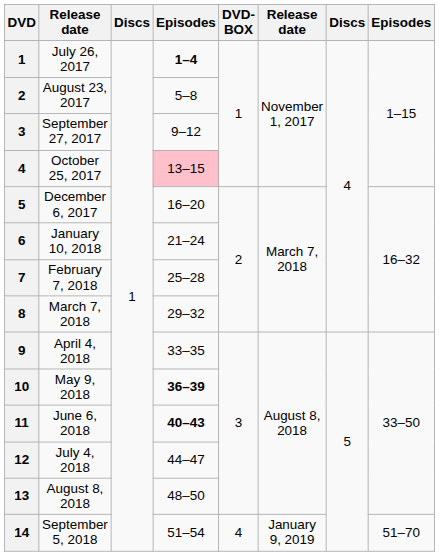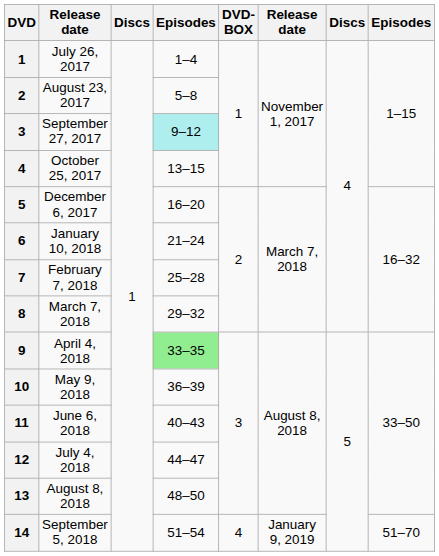 <table class="wikitable" style="text-align: center; width: 39%;">
 <tr>
 <th scope="col" 175px;>DVD</th>
 <th scope="col" 125px;>Release date</th>
 <th scope="col">Discs</th>
 <th scope="col">Episodes</th>
 <th scope="col">DVD-BOX</th>
 <th scope="col">Release date</th>
 <th scope="col">Discs</th>
 <th scope="col">Episodes</th>
 </tr>
 <tr>
 <th scope="row">1</th>
 <td>July 26, 2017</td>
 <td rowspan="48">1</td>
-<td><strong>1–4</strong></td>
+<td>1–4</td>
 <td rowspan="4">1</td>
 <td rowspan="4">November 1, 2017</td>
 <td rowspan="8">4</td>
 <td rowspan="4">1–15</td>
 </tr>
 <tr>
 <th scope="row">2</th>
 <td>August 23, 2017</td>
 <td>5–8</td>
 </tr>
 <tr>
 <th scope="row">3</th>
 <td>September 27, 2017</td>
-<td>9–12</td>
+<td style="background: paleturquoise;">9–12</td>
 </tr>
 <tr>
 <th scope="row">4</th>
 <td>October 25, 2017</td>
-<td style="background: pink;">13–15</td>
+<td>13–15</td>
 </tr>
 <tr>
 <th scope="row">5</th>
 <td>December 6, 2017</td>
 <td>16–20</td>
 <td rowspan="4">2</td>
 <td rowspan="4">March 7, 2018</td>
 <td rowspan="4">16–32</td>
 </tr>
 <tr>
 <th scope="row">6</th>
 <td>January 10, 2018</td>
 <td>21–24</td>
 </tr>
 <tr>
 <th scope="row">7</th>
 <td>February 7, 2018</td>
 <td>25–28</td>
 </tr>
 <tr>
 <th scope="row">8</th>
 <td>March 7, 2018</td>
 <td>29–32</td>
 </tr>
 <tr>
 <th scope="row">9</th>
 <td>April 4, 2018</td>
-<td>33–35</td>
+<td style="background: lightgreen;">33–35</td>
 <td rowspan="5">3</td>
 <td rowspan="5">August 8, 2018</td>
 <td rowspan="35">5</td>
 <td rowspan="5">33–50</td>
 </tr>
 <tr>
 <th scope="row">10</th>
 <td>May 9, 2018</td>
-<td><strong>36–39</strong></td>
+<td>36–39</td>
 </tr>
 <tr>
 <th scope="row">11</th>
 <td>June 6, 2018</td>
-<td><strong>40–43</strong></td>
+<td>40–43</td>
 </tr>
 <tr>
 <th scope="row">12</th>
 <td>July 4, 2018</td>
 <td>44–47</td>
 </tr>
 <tr>
 <th scope="row">13</th>
 <td>August 8, 2018</td>
 <td>48–50</td>
 </tr>
 <tr>
 <th scope="row">14</th>
 <td>September 5, 2018</td>
 <td>51–54</td>
 <td rowspan="5">4</td>
 <td rowspan="5">January 9, 2019</td>
 <td rowspan="5">51–70</td>
 </tr>
 </table>
